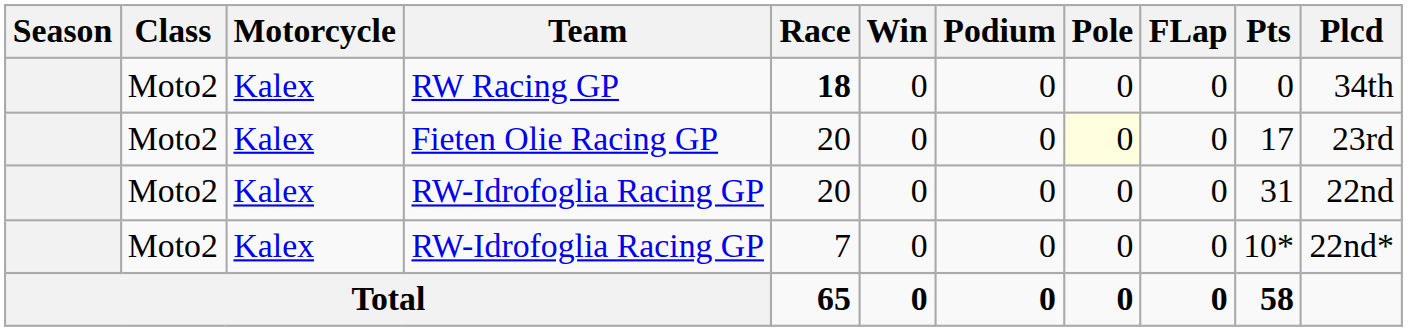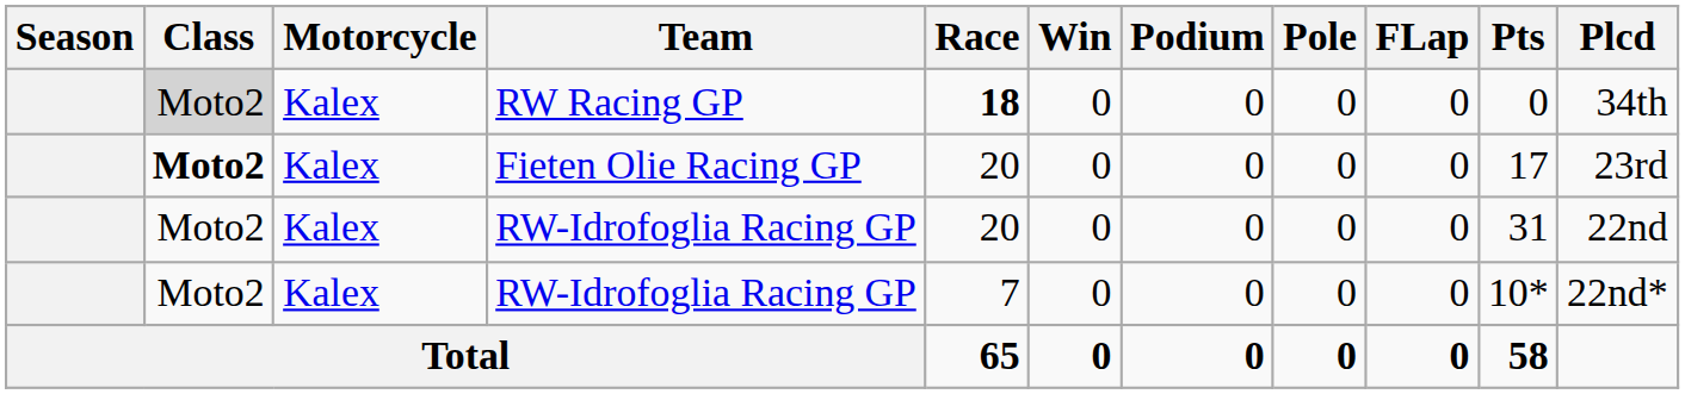 <table class="wikitable" style="text-align:right;">
 <tr>
 <th>Season</th>
 <th>Class</th>
 <th>Motorcycle</th>
 <th>Team</th>
 <th>Race</th>
 <th>Win</th>
 <th>Podium</th>
 <th>Pole</th>
 <th>FLap</th>
 <th>Pts</th>
 <th>Plcd</th>
 </tr>
 <tr>
 <th></th>
-<td>Moto2</td>
+<td style="background: lightgrey;">Moto2</td>
 <td style="text-align:left;"><a href='#'>Kalex</a></td>
 <td style="text-align:left;"><a href='#'>RW Racing GP</a></td>
 <td><strong>18</strong></td>
 <td>0</td>
 <td>0</td>
 <td>0</td>
 <td>0</td>
 <td>0</td>
 <td>34th</td>
 </tr>
 <tr>
 <th></th>
-<td>Moto2</td>
+<td><strong>Moto2</strong></td>
 <td style="text-align:left;"><a href='#'>Kalex</a></td>
 <td style="text-align:left;"><a href='#'>Fieten Olie Racing GP</a></td>
 <td>20</td>
 <td>0</td>
 <td>0</td>
-<td style="background: lightyellow;">0</td>
+<td>0</td>
 <td>0</td>
 <td>17</td>
 <td>23rd</td>
 </tr>
 <tr>
 <th></th>
 <td>Moto2</td>
 <td style="text-align:left;"><a href='#'>Kalex</a></td>
 <td style="text-align:left;"><a href='#'>RW-Idrofoglia Racing GP</a></td>
 <td>20</td>
 <td>0</td>
 <td>0</td>
 <td>0</td>
 <td>0</td>
 <td>31</td>
 <td>22nd</td>
 </tr>
 <tr>
 <th></th>
 <td>Moto2</td>
 <td style="text-align:left;"><a href='#'>Kalex</a></td>
 <td style="text-align:left;"><a href='#'>RW-Idrofoglia Racing GP</a></td>
 <td>7</td>
 <td>0</td>
 <td>0</td>
 <td>0</td>
 <td>0</td>
 <td>10*</td>
 <td>22nd*</td>
 </tr>
 <tr>
 <th colspan="4">Total</th>
 <td><strong>65</strong></td>
 <td><strong>0</strong></td>
 <td><strong>0</strong></td>
 <td><strong>0</strong></td>
 <td><strong>0</strong></td>
 <td><strong>58</strong></td>
 <td></td>
 </tr>
 </table>
